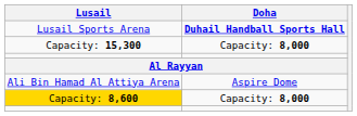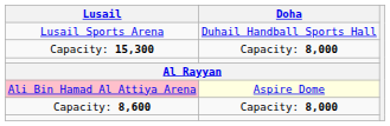 <table class="wikitable" style="margin:1em auto; text-align:center;">
 <tr>
 <th><a href='#'>Lusail</a></th>
 <th><a href='#'>Doha</a></th>
 <th rowspan="8"></th>
 </tr>
 <tr>
 <td><a href='#'>Lusail Sports Arena</a></td>
-<td><strong><a href='#'>Duhail Handball Sports Hall</a></strong></td>
+<td><a href='#'>Duhail Handball Sports Hall</a></td>
 </tr>
 <tr>
 <td>Capacity: <strong>15,300</strong></td>
 <td>Capacity: <strong>8,000</strong></td>
 </tr>
 <tr>
 <td></td>
 <td></td>
 </tr>
 <tr>
 <th colspan="2"><a href='#'>Al Rayyan</a></th>
 </tr>
 <tr>
-<td align="center"><a href='#'>Ali Bin Hamad Al Attiya Arena</a></td>
-<td align="center"><a href='#'>Aspire Dome</a></td>
+<td align="center" style="background: pink;"><a href='#'>Ali Bin Hamad Al Attiya Arena</a></td>
+<td align="center" style="background: lightyellow;"><a href='#'>Aspire Dome</a></td>
 </tr>
 <tr>
-<td align="center" style="background: gold;">Capacity: <strong>8,600</strong></td>
+<td align="center">Capacity: <strong>8,600</strong></td>
 <td align="center">Capacity: <strong>8,000</strong></td>
 </tr>
 <tr>
 <td></td>
 <td></td>
 </tr>
 </table>
